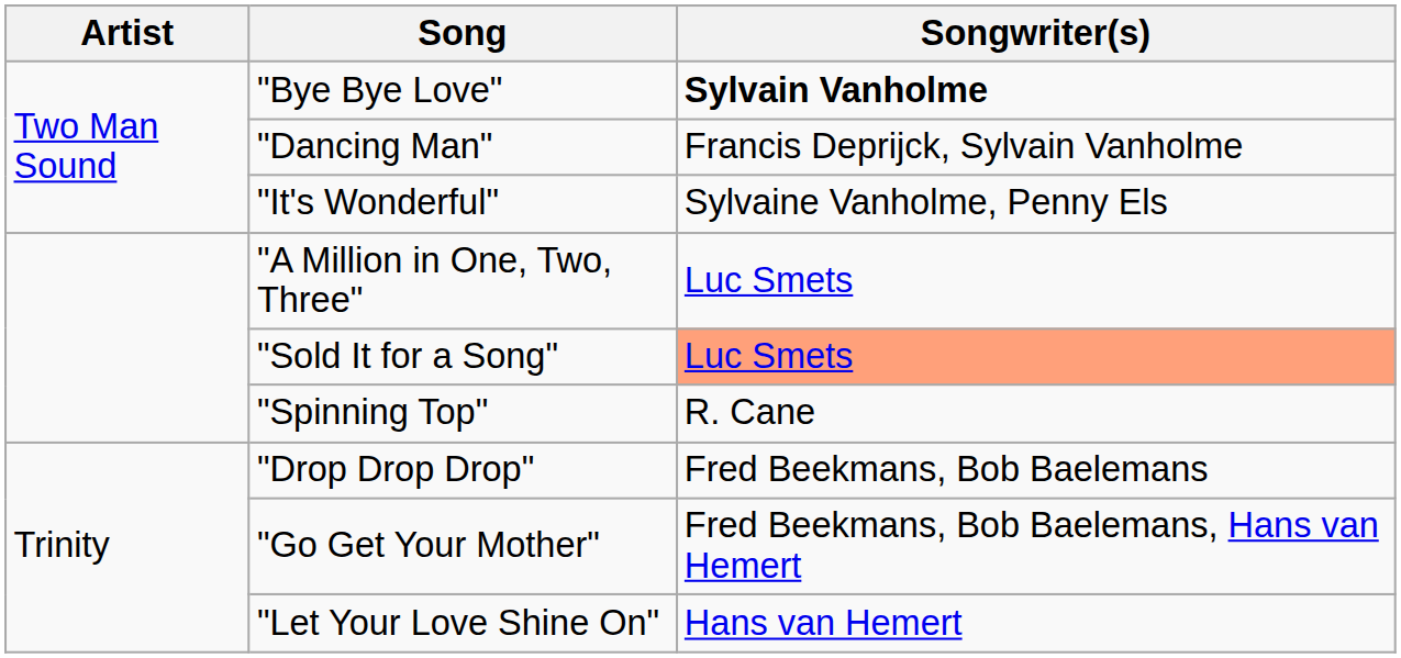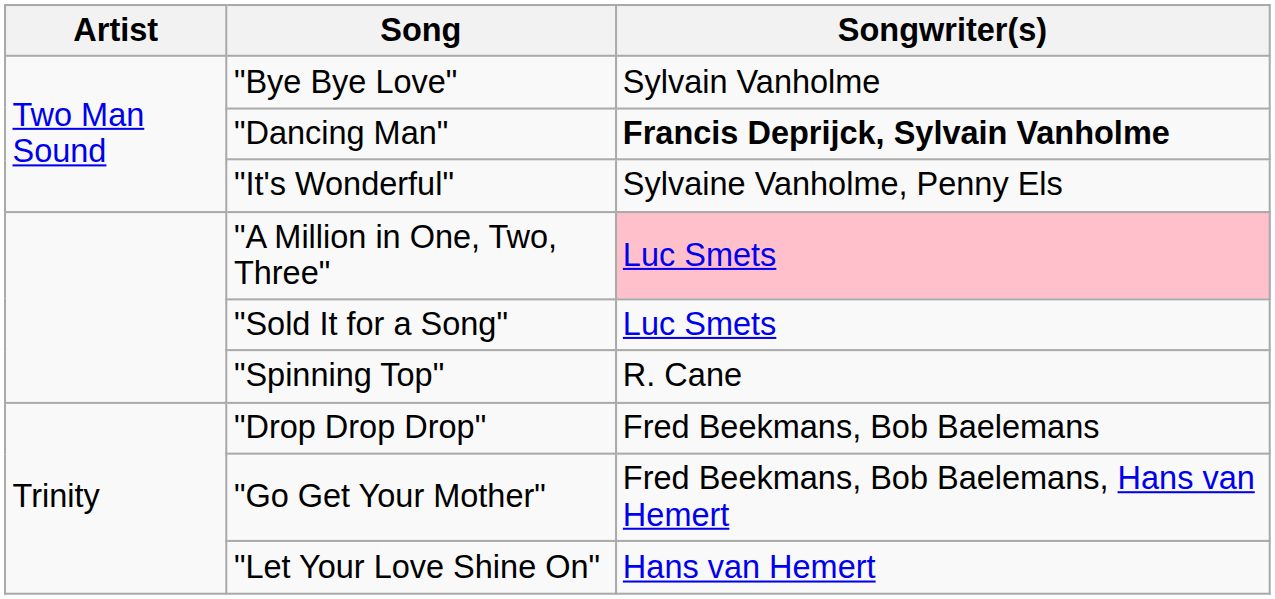 <table class="sortable wikitable" style="margin: 1em auto 1em auto; text-align:left">
 <tr>
 <th>Artist</th>
 <th>Song</th>
 <th>Songwriter(s)</th>
 </tr>
 <tr>
 <td rowspan="3"><a href='#'>Two Man Sound</a></td>
 <td>"Bye Bye Love"</td>
-<td><strong>Sylvain Vanholme</strong></td>
+<td>Sylvain Vanholme</td>
 </tr>
 <tr>
 <td>"Dancing Man"</td>
-<td>Francis Deprijck, Sylvain Vanholme</td>
+<td><strong>Francis Deprijck, Sylvain Vanholme</strong></td>
 </tr>
 <tr>
 <td>"It's Wonderful"</td>
 <td>Sylvaine Vanholme, Penny Els</td>
 </tr>
 <tr>
 <td rowspan="3"></td>
 <td>"A Million in One, Two, Three"</td>
-<td><a href='#'>Luc Smets</a></td>
+<td style="background: pink;"><a href='#'>Luc Smets</a></td>
 </tr>
 <tr>
 <td>"Sold It for a Song"</td>
-<td style="background: lightsalmon;"><a href='#'>Luc Smets</a></td>
+<td><a href='#'>Luc Smets</a></td>
 </tr>
 <tr>
 <td>"Spinning Top"</td>
 <td>R. Cane</td>
 </tr>
 <tr>
 <td rowspan="3">Trinity</td>
 <td>"Drop Drop Drop"</td>
 <td>Fred Beekmans, Bob Baelemans</td>
 </tr>
 <tr>
 <td>"Go Get Your Mother"</td>
 <td>Fred Beekmans, Bob Baelemans, <a href='#'>Hans van Hemert</a></td>
 </tr>
 <tr>
 <td>"Let Your Love Shine On"</td>
 <td><a href='#'>Hans van Hemert</a></td>
 </tr>
 </table>
